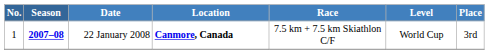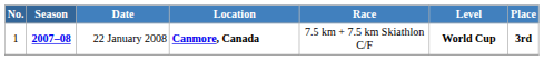 <table class="wikitable sortable" style="font-size:95%; text-align:center; border:grey solid 1px; border-collapse:collapse; background:#ffffff;">
 <tr style="background:#efefef;">
 <th style="background-color:#369; color:white;">No.</th>
 <th style="background-color:#369; color:white;">Season</th>
 <th style="background-color:#4180be; color:white; width:120px;">Date</th>
 <th style="background-color:#4180be; color:white; width:170px;">Location</th>
 <th style="background-color:#4180be; color:white; width:170px;">Race</th>
 <th style="background-color:#4180be; color:white; width:100px;">Level</th>
 <th style="background-color:#4180be; color:white;">Place</th>
 </tr>
 <tr>
 <td align=center>1</td>
 <td rowspan=1 align=center><strong> <a href='#'>2007–08</a> </strong></td>
 <td align=right>22 January 2008</td>
 <td align=left><strong> <a href='#'>Canmore</a>, Canada</strong></td>
 <td>7.5 km + 7.5 km Skiathlon C/F</td>
-<td>World Cup</td>
-<td>3rd</td>
+<td><strong>World Cup</strong></td>
+<td><strong>3rd</strong></td>
 </tr>
 <tr>
 </tr>
 </table>
